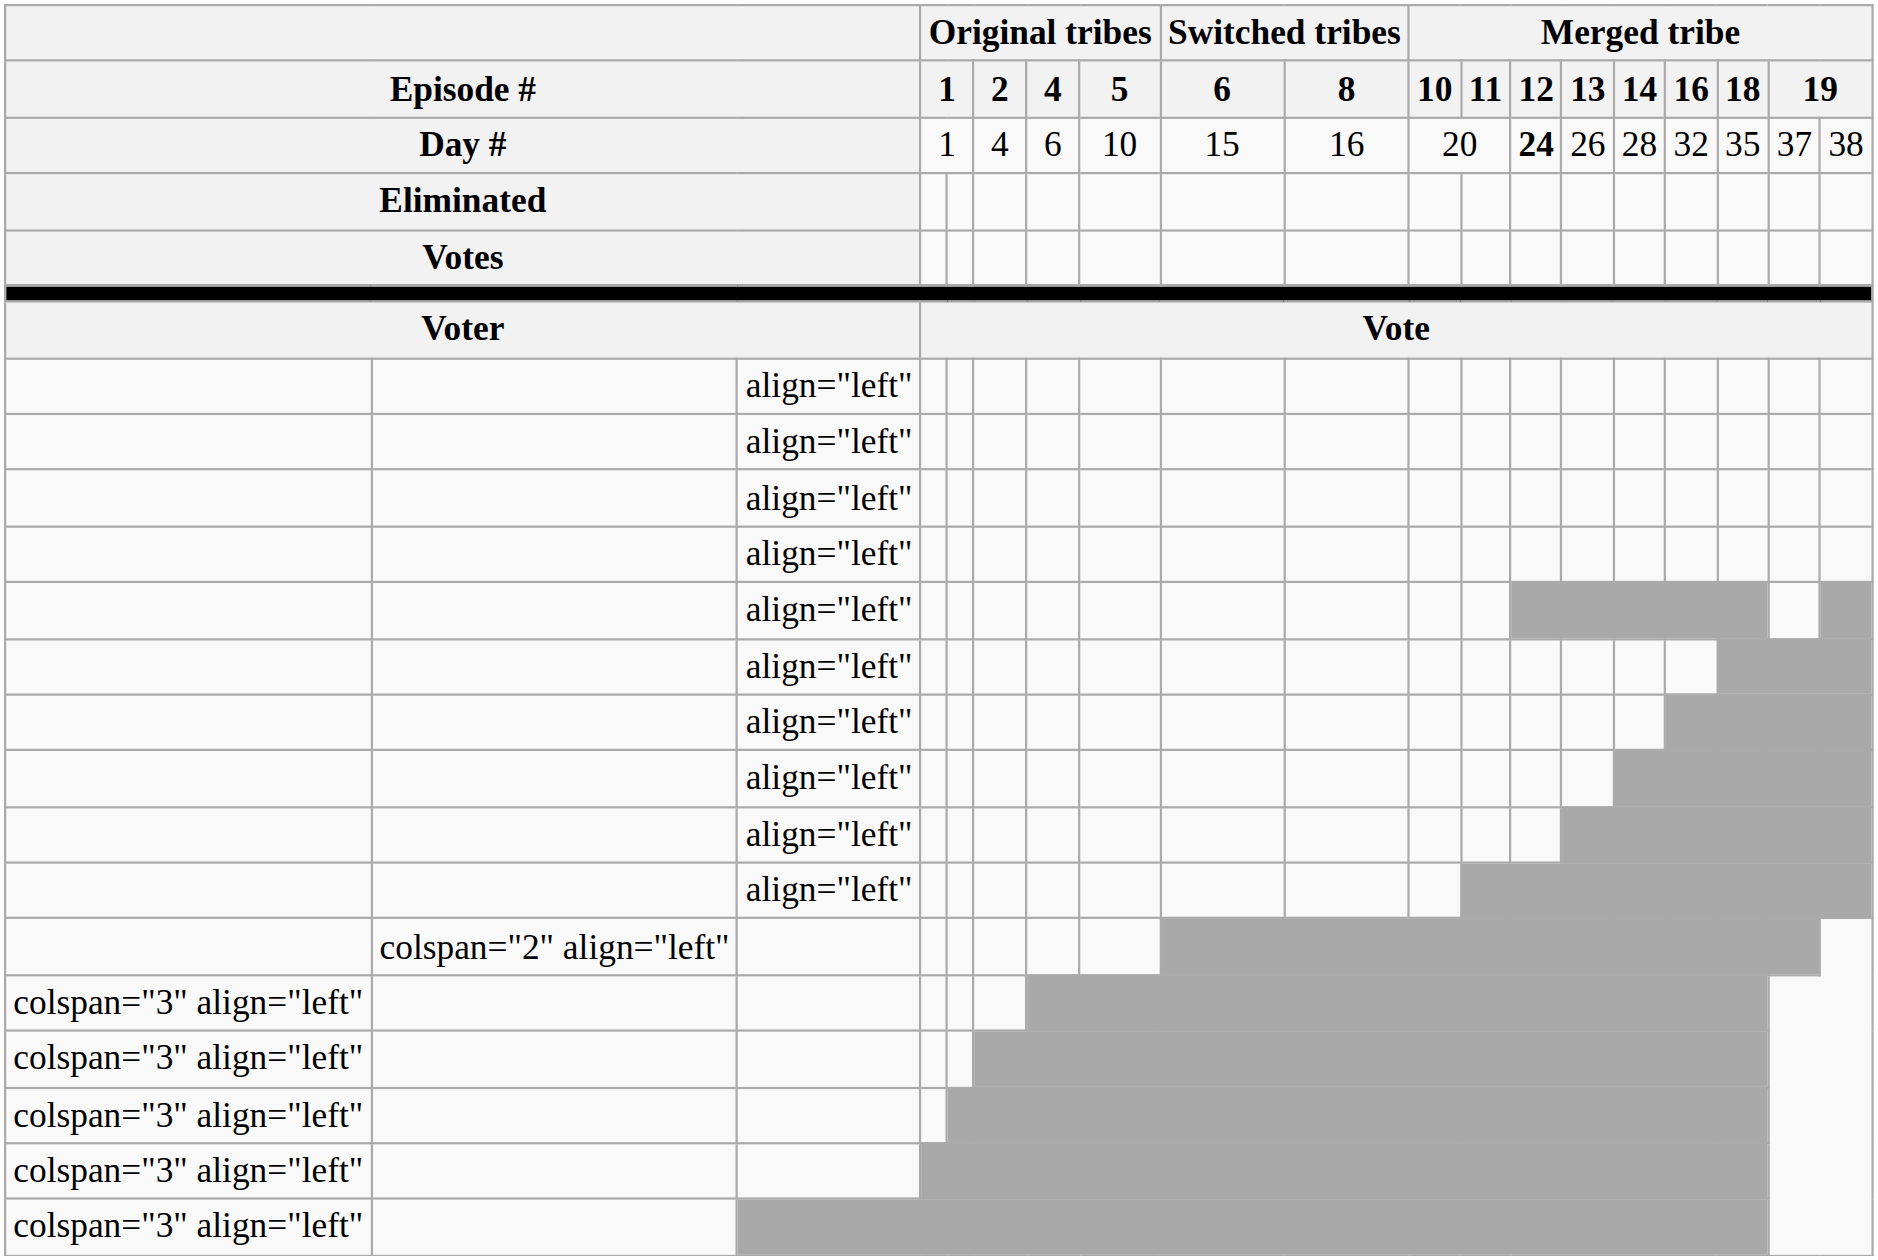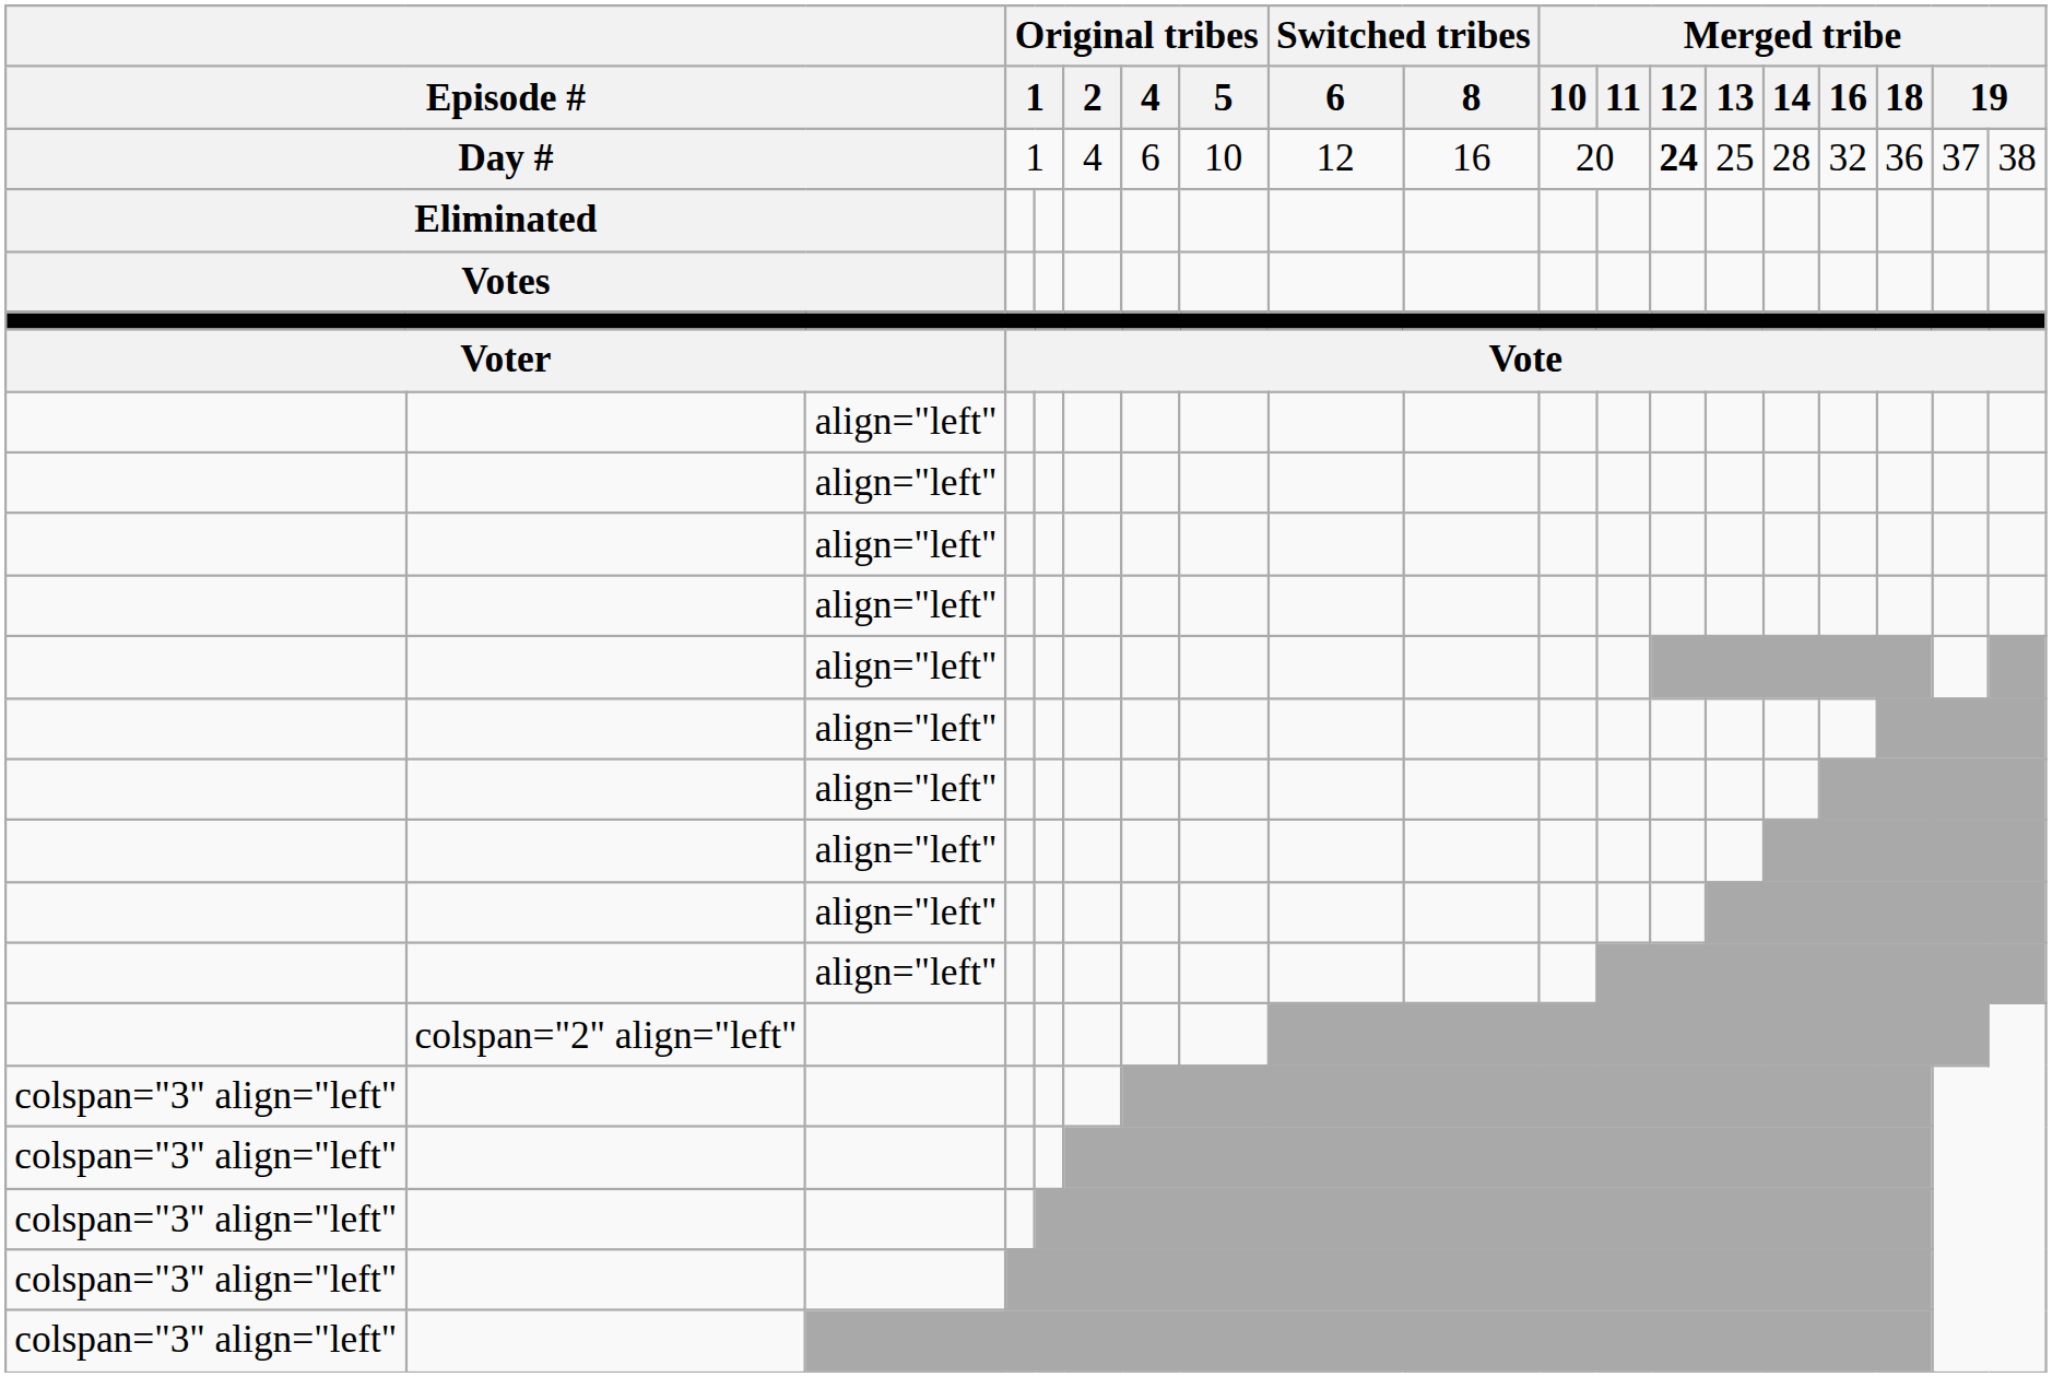 <table class="wikitable" style="text-align:center">
 <tr>
 <th colspan="3"></th>
 <th colspan="5">Original tribes</th>
 <th colspan="2">Switched tribes</th>
 <th colspan="9">Merged tribe</th>
 </tr>
 <tr>
 <th colspan="3">Episode #</th>
 <th colspan="2">1</th>
 <th>2</th>
 <th>4</th>
 <th>5</th>
 <th>6</th>
 <th>8</th>
 <th>10</th>
 <th>11</th>
 <th>12</th>
 <th>13</th>
 <th>14</th>
 <th>16</th>
 <th>18</th>
 <th colspan="2">19</th>
 </tr>
 <tr>
 <th colspan="3">Day #</th>
 <td colspan="2">1</td>
 <td>4</td>
 <td>6</td>
 <td>10</td>
-<td>15</td>
+<td>12</td>
 <td>16</td>
 <td colspan="2">20</td>
 <td><strong>24</strong></td>
-<td>26</td>
+<td>25</td>
 <td>28</td>
 <td>32</td>
-<td>35</td>
+<td>36</td>
 <td>37</td>
 <td>38</td>
 </tr>
 <tr>
 <th colspan="3">Eliminated</th>
 <td></td>
 <td></td>
 <td></td>
 <td></td>
 <td></td>
 <td></td>
 <td></td>
 <td></td>
 <td></td>
 <td></td>
 <td></td>
 <td></td>
 <td></td>
 <td></td>
 <td></td>
 <td></td>
 </tr>
 <tr>
 <th colspan="3">Votes</th>
 <td></td>
 <td></td>
 <td></td>
 <td></td>
 <td></td>
 <td></td>
 <td></td>
 <td></td>
 <td></td>
 <td></td>
 <td></td>
 <td></td>
 <td></td>
 <td></td>
 <td></td>
 <td></td>
 </tr>
 <tr>
 <td bgcolor=black colspan=19></td>
 </tr>
 <tr>
 <th colspan="3">Voter</th>
 <th colspan="16">Vote</th>
 </tr>
 <tr>
 <td></td>
 <td></td>
 <td>align="left" </td>
 <td></td>
 <td></td>
 <td></td>
 <td></td>
 <td></td>
 <td></td>
 <td></td>
 <td></td>
 <td></td>
 <td></td>
 <td></td>
 <td></td>
 <td></td>
 <td></td>
 <td></td>
 <td></td>
 </tr>
 <tr>
 <td></td>
 <td></td>
 <td>align="left" </td>
 <td></td>
 <td></td>
 <td></td>
 <td></td>
 <td></td>
 <td></td>
 <td></td>
 <td></td>
 <td></td>
 <td></td>
 <td></td>
 <td></td>
 <td></td>
 <td></td>
 <td></td>
 <td></td>
 </tr>
 <tr>
 <td></td>
 <td></td>
 <td>align="left" </td>
 <td></td>
 <td></td>
 <td></td>
 <td></td>
 <td></td>
 <td></td>
 <td></td>
 <td></td>
 <td></td>
 <td></td>
 <td></td>
 <td></td>
 <td></td>
 <td></td>
 <td></td>
 <td></td>
 </tr>
 <tr>
 <td></td>
 <td></td>
 <td>align="left" </td>
 <td></td>
 <td></td>
 <td></td>
 <td></td>
 <td></td>
 <td></td>
 <td></td>
 <td></td>
 <td></td>
 <td></td>
 <td></td>
 <td></td>
 <td></td>
 <td></td>
 <td></td>
 <td></td>
 </tr>
 <tr>
 <td></td>
 <td></td>
 <td>align="left" </td>
 <td></td>
 <td></td>
 <td></td>
 <td></td>
 <td></td>
 <td></td>
 <td></td>
 <td></td>
 <td></td>
 <td colspan="5" bgcolor=darkgray></td>
 <td></td>
 <td bgcolor=darkgray></td>
 </tr>
 <tr>
 <td></td>
 <td></td>
 <td>align="left" </td>
 <td></td>
 <td></td>
 <td></td>
 <td></td>
 <td></td>
 <td></td>
 <td></td>
 <td></td>
 <td></td>
 <td></td>
 <td></td>
 <td></td>
 <td></td>
 <td colspan="3" bgcolor=darkgray></td>
 </tr>
 <tr>
 <td></td>
 <td></td>
 <td>align="left" </td>
 <td></td>
 <td></td>
 <td></td>
 <td></td>
 <td></td>
 <td></td>
 <td></td>
 <td></td>
 <td></td>
 <td></td>
 <td></td>
 <td></td>
 <td colspan="4" bgcolor=darkgray></td>
 </tr>
 <tr>
 <td></td>
 <td></td>
 <td>align="left" </td>
 <td></td>
 <td></td>
 <td></td>
 <td></td>
 <td></td>
 <td></td>
 <td></td>
 <td></td>
 <td></td>
 <td></td>
 <td></td>
 <td colspan="5" bgcolor=darkgray></td>
 </tr>
 <tr>
 <td></td>
 <td></td>
 <td>align="left" </td>
 <td></td>
 <td></td>
 <td></td>
 <td></td>
 <td></td>
 <td></td>
 <td></td>
 <td></td>
 <td></td>
 <td></td>
 <td colspan="6" bgcolor=darkgray></td>
 </tr>
 <tr>
 <td></td>
 <td></td>
 <td>align="left" </td>
 <td></td>
 <td></td>
 <td></td>
 <td></td>
 <td></td>
 <td></td>
 <td></td>
 <td></td>
 <td colspan="8" bgcolor=darkgray></td>
 </tr>
 <tr>
 <td></td>
 <td>colspan="2" align="left" </td>
 <td></td>
 <td></td>
 <td></td>
 <td></td>
 <td></td>
 <td></td>
 <td colspan="10" bgcolor=darkgray></td>
 </tr>
 <tr>
 <td>colspan="3" align="left" </td>
 <td></td>
 <td></td>
 <td></td>
 <td></td>
 <td></td>
 <td colspan="11" bgcolor=darkgray></td>
 </tr>
 <tr>
 <td>colspan="3" align="left" </td>
 <td></td>
 <td></td>
 <td></td>
 <td></td>
 <td colspan="12" bgcolor=darkgray></td>
 </tr>
 <tr>
 <td>colspan="3" align="left" </td>
 <td></td>
 <td></td>
 <td></td>
 <td colspan="13" bgcolor=darkgray></td>
 </tr>
 <tr>
 <td>colspan="3" align="left" </td>
 <td></td>
 <td></td>
 <td colspan="14" bgcolor=darkgray></td>
 </tr>
 <tr>
 <td>colspan="3" align="left" </td>
 <td></td>
 <td colspan="15" bgcolor=darkgray></td>
 </tr>
 </table>
